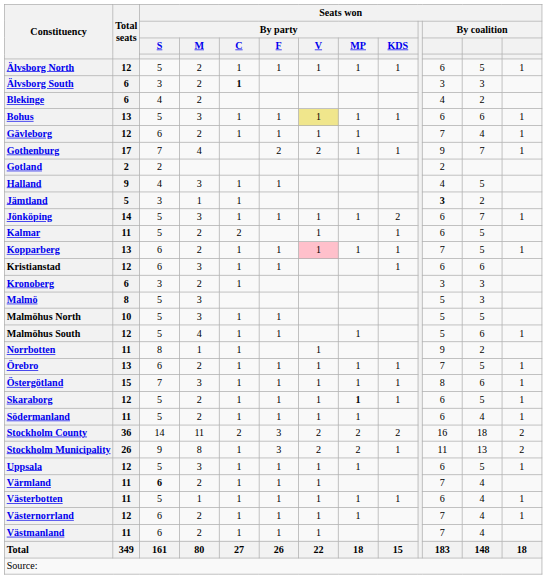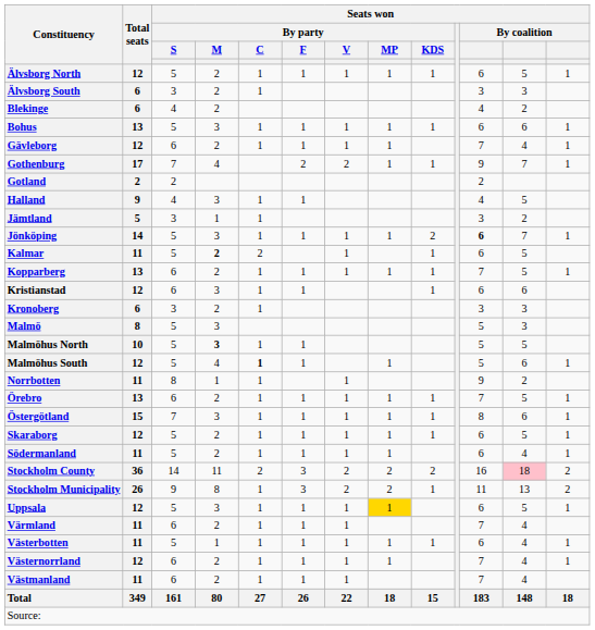 <table class="wikitable" style="text-align:center; font-size: 0.9em;">
 <tr>
 <th rowspan="4">Constituency</th>
 <th rowspan="4">Total<br>seats</th>
 <th colspan="11">Seats won</th>
 </tr>
 <tr>
 <th colspan="7">By party</th>
 <th rowspan="33"></th>
 <th colspan="3">By coalition</th>
 </tr>
 <tr>
 <th class="unsortable" style="width:50px;"><a href='#'>S</a></th>
 <th class="unsortable" style="width:50px;"><a href='#'>M</a></th>
 <th class="unsortable" style="width:50px;"><a href='#'>C</a></th>
 <th class="unsortable" style="width:50px;"><a href='#'>F</a></th>
 <th class="unsortable" style="width:50px;"><a href='#'>V</a></th>
 <th class="unsortable" style="width:50px;"><a href='#'>MP</a></th>
 <th class="unsortable" style="width:50px;"><a href='#'>KDS</a></th>
 <th class="unsortable" style="width:50px;"></th>
 <th class="unsortable" style="width:50px;"></th>
 <th class="unsortable" style="width:50px;"></th>
 </tr>
 <tr>
 <th style="background:"></th>
 <th style="background:"></th>
 <th style="background:"></th>
 <th style="background:"></th>
 <th style="background:"></th>
 <th style="background:"></th>
 <th style="background:"></th>
 <th style="background:"></th>
 <th style="background:"></th>
 <th></th>
 </tr>
 <tr>
 <th style="text-align: left;"><a href='#'>Älvsborg North</a></th>
 <th>12</th>
 <td>5</td>
 <td>2</td>
 <td>1</td>
 <td>1</td>
 <td>1</td>
 <td>1</td>
 <td>1</td>
 <td>6</td>
 <td>5</td>
 <td>1</td>
 </tr>
 <tr>
 <th style="text-align: left;"><a href='#'>Älvsborg South</a></th>
 <th>6</th>
 <td>3</td>
 <td>2</td>
-<td><strong>1</strong></td>
+<td>1</td>
 <td></td>
 <td></td>
 <td></td>
 <td></td>
 <td>3</td>
 <td>3</td>
 <td></td>
 </tr>
 <tr>
 <th style="text-align: left;"><a href='#'>Blekinge</a></th>
 <th>6</th>
 <td>4</td>
 <td>2</td>
 <td></td>
 <td></td>
 <td></td>
 <td></td>
 <td></td>
 <td>4</td>
 <td>2</td>
 <td></td>
 </tr>
 <tr>
 <th style="text-align: left;"><a href='#'>Bohus</a></th>
 <th>13</th>
 <td>5</td>
 <td>3</td>
 <td>1</td>
 <td>1</td>
-<td style="background: khaki;">1</td>
+<td>1</td>
 <td>1</td>
 <td>1</td>
 <td>6</td>
 <td>6</td>
 <td>1</td>
 </tr>
 <tr>
 <th style="text-align: left;"><a href='#'>Gävleborg</a></th>
 <th>12</th>
 <td>6</td>
 <td>2</td>
 <td>1</td>
 <td>1</td>
 <td>1</td>
 <td>1</td>
 <td></td>
 <td>7</td>
 <td>4</td>
 <td>1</td>
 </tr>
 <tr>
 <th style="text-align: left;"><a href='#'>Gothenburg</a></th>
 <th>17</th>
 <td>7</td>
 <td>4</td>
 <td></td>
 <td>2</td>
 <td>2</td>
 <td>1</td>
 <td>1</td>
 <td>9</td>
 <td>7</td>
 <td>1</td>
 </tr>
 <tr>
 <th style="text-align: left;"><a href='#'>Gotland</a></th>
 <th>2</th>
 <td>2</td>
 <td></td>
 <td></td>
 <td></td>
 <td></td>
 <td></td>
 <td></td>
 <td>2</td>
 <td></td>
 <td></td>
 </tr>
 <tr>
 <th style="text-align: left;"><a href='#'>Halland</a></th>
 <th>9</th>
 <td>4</td>
 <td>3</td>
 <td>1</td>
 <td>1</td>
 <td></td>
 <td></td>
 <td></td>
 <td>4</td>
 <td>5</td>
 <td></td>
 </tr>
 <tr>
 <th style="text-align: left;"><a href='#'>Jämtland</a></th>
 <th>5</th>
 <td>3</td>
 <td>1</td>
 <td>1</td>
 <td></td>
 <td></td>
 <td></td>
 <td></td>
-<td><strong>3</strong></td>
+<td>3</td>
 <td>2</td>
 <td></td>
 </tr>
 <tr>
 <th style="text-align: left;"><a href='#'>Jönköping</a></th>
 <th>14</th>
 <td>5</td>
 <td>3</td>
 <td>1</td>
 <td>1</td>
 <td>1</td>
 <td>1</td>
 <td>2</td>
-<td>6</td>
+<td><strong>6</strong></td>
 <td>7</td>
 <td>1</td>
 </tr>
 <tr>
 <th style="text-align: left;"><a href='#'>Kalmar</a></th>
 <th>11</th>
 <td>5</td>
-<td>2</td>
+<td><strong>2</strong></td>
 <td>2</td>
 <td></td>
 <td>1</td>
 <td></td>
 <td>1</td>
 <td>6</td>
 <td>5</td>
 <td></td>
 </tr>
 <tr>
 <th style="text-align: left;"><a href='#'>Kopparberg</a></th>
 <th>13</th>
 <td>6</td>
 <td>2</td>
 <td>1</td>
 <td>1</td>
-<td style="background: pink;">1</td>
+<td>1</td>
 <td>1</td>
 <td>1</td>
 <td>7</td>
 <td>5</td>
 <td>1</td>
 </tr>
 <tr>
 <th style="text-align: left;">Kristianstad</th>
 <th>12</th>
 <td>6</td>
 <td>3</td>
 <td>1</td>
 <td>1</td>
 <td></td>
 <td></td>
 <td>1</td>
 <td>6</td>
 <td>6</td>
 <td></td>
 </tr>
 <tr>
 <th style="text-align: left;"><a href='#'>Kronoberg</a></th>
 <th>6</th>
 <td>3</td>
 <td>2</td>
 <td>1</td>
 <td></td>
 <td></td>
 <td></td>
 <td></td>
 <td>3</td>
 <td>3</td>
 <td></td>
 </tr>
 <tr>
 <th style="text-align: left;"><a href='#'>Malmö</a></th>
 <th>8</th>
 <td>5</td>
 <td>3</td>
 <td></td>
 <td></td>
 <td></td>
 <td></td>
 <td></td>
 <td>5</td>
 <td>3</td>
 <td></td>
 </tr>
 <tr>
 <th style="text-align: left;">Malmöhus North</th>
 <th>10</th>
 <td>5</td>
-<td>3</td>
+<td><strong>3</strong></td>
 <td>1</td>
 <td>1</td>
 <td></td>
 <td></td>
 <td></td>
 <td>5</td>
 <td>5</td>
 <td></td>
 </tr>
 <tr>
 <th style="text-align: left;">Malmöhus South</th>
 <th>12</th>
 <td>5</td>
 <td>4</td>
-<td>1</td>
+<td><strong>1</strong></td>
 <td>1</td>
 <td></td>
 <td>1</td>
 <td></td>
 <td>5</td>
 <td>6</td>
 <td>1</td>
 </tr>
 <tr>
 <th style="text-align: left;"><a href='#'>Norrbotten</a></th>
 <th>11</th>
 <td>8</td>
 <td>1</td>
 <td>1</td>
 <td></td>
 <td>1</td>
 <td></td>
 <td></td>
 <td>9</td>
 <td>2</td>
 <td></td>
 </tr>
 <tr>
 <th style="text-align: left;"><a href='#'>Örebro</a></th>
 <th>13</th>
 <td>6</td>
 <td>2</td>
 <td>1</td>
 <td>1</td>
 <td>1</td>
 <td>1</td>
 <td>1</td>
 <td>7</td>
 <td>5</td>
 <td>1</td>
 </tr>
 <tr>
 <th style="text-align: left;"><a href='#'>Östergötland</a></th>
 <th>15</th>
 <td>7</td>
 <td>3</td>
 <td>1</td>
 <td>1</td>
 <td>1</td>
 <td>1</td>
 <td>1</td>
 <td>8</td>
 <td>6</td>
 <td>1</td>
 </tr>
 <tr>
 <th style="text-align: left;"><a href='#'>Skaraborg</a></th>
 <th>12</th>
 <td>5</td>
 <td>2</td>
 <td>1</td>
 <td>1</td>
 <td>1</td>
-<td><strong>1</strong></td>
+<td>1</td>
 <td>1</td>
 <td>6</td>
 <td>5</td>
 <td>1</td>
 </tr>
 <tr>
 <th style="text-align: left;"><a href='#'>Södermanland</a></th>
 <th>11</th>
 <td>5</td>
 <td>2</td>
 <td>1</td>
 <td>1</td>
 <td>1</td>
 <td>1</td>
 <td></td>
 <td>6</td>
 <td>4</td>
 <td>1</td>
 </tr>
 <tr>
 <th style="text-align: left;"><a href='#'>Stockholm County</a></th>
 <th>36</th>
 <td>14</td>
 <td>11</td>
 <td>2</td>
 <td>3</td>
 <td>2</td>
 <td>2</td>
 <td>2</td>
 <td>16</td>
-<td>18</td>
+<td style="background: pink;">18</td>
 <td>2</td>
 </tr>
 <tr>
 <th style="text-align: left;"><a href='#'>Stockholm Municipality</a></th>
 <th>26</th>
 <td>9</td>
 <td>8</td>
 <td>1</td>
 <td>3</td>
 <td>2</td>
 <td>2</td>
 <td>1</td>
 <td>11</td>
 <td>13</td>
 <td>2</td>
 </tr>
 <tr>
 <th style="text-align: left;"><a href='#'>Uppsala</a></th>
 <th>12</th>
 <td>5</td>
 <td>3</td>
 <td>1</td>
 <td>1</td>
 <td>1</td>
-<td>1</td>
+<td style="background: gold;">1</td>
 <td></td>
 <td>6</td>
 <td>5</td>
 <td>1</td>
 </tr>
 <tr>
 <th style="text-align: left;"><a href='#'>Värmland</a></th>
 <th>11</th>
-<td><strong>6</strong></td>
+<td>6</td>
 <td>2</td>
 <td>1</td>
 <td>1</td>
 <td>1</td>
 <td></td>
 <td></td>
 <td>7</td>
 <td>4</td>
 <td></td>
 </tr>
 <tr>
 <th style="text-align: left;"><a href='#'>Västerbotten</a></th>
 <th>11</th>
 <td>5</td>
 <td>1</td>
 <td>1</td>
 <td>1</td>
 <td>1</td>
 <td>1</td>
 <td>1</td>
 <td>6</td>
 <td>4</td>
 <td>1</td>
 </tr>
 <tr>
 <th style="text-align: left;"><a href='#'>Västernorrland</a></th>
 <th>12</th>
 <td>6</td>
 <td>2</td>
 <td>1</td>
 <td>1</td>
 <td>1</td>
 <td>1</td>
 <td></td>
 <td>7</td>
 <td>4</td>
 <td>1</td>
 </tr>
 <tr>
 <th style="text-align: left;"><a href='#'>Västmanland</a></th>
 <th>11</th>
 <td>6</td>
 <td>2</td>
 <td>1</td>
 <td>1</td>
 <td>1</td>
 <td></td>
 <td></td>
 <td>7</td>
 <td>4</td>
 <td></td>
 </tr>
 <tr>
 <th style="text-align: left;">Total</th>
 <th>349</th>
 <th>161</th>
 <th>80</th>
 <th>27</th>
 <th>26</th>
 <th>22</th>
 <th>18</th>
 <th>15</th>
 <th>183</th>
 <th>148</th>
 <th>18</th>
 </tr>
 <tr>
 <td align=left colspan=13>Source: </td>
 </tr>
 </table>
